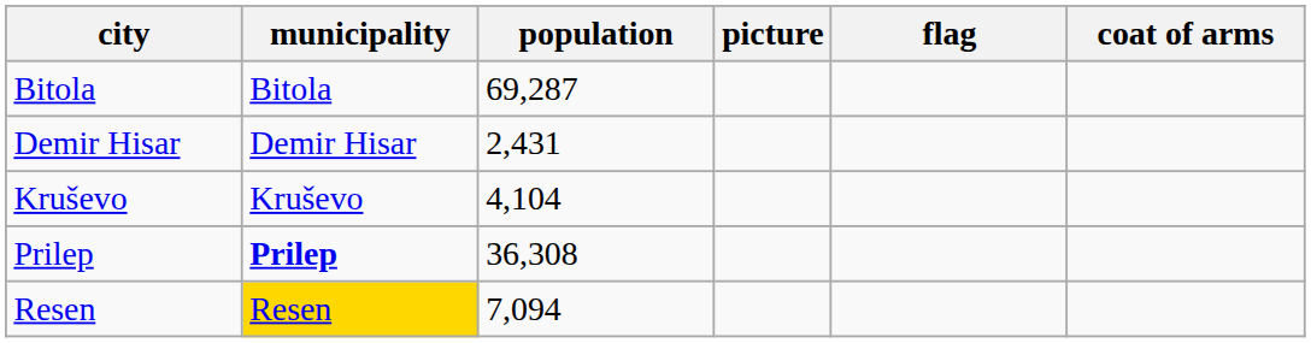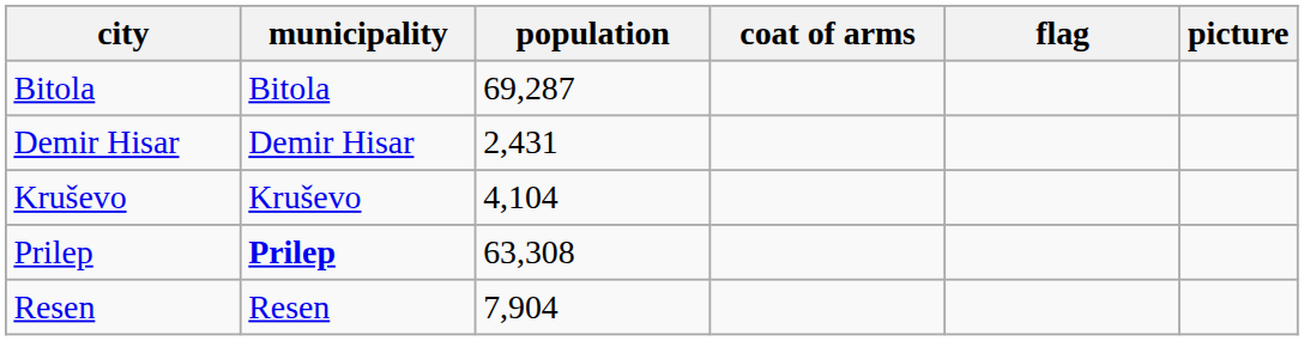 <table class="wikitable sortable" style="font-size:95%;">
 <tr>
 <th width="100px">city</th>
 <th width="100px">municipality</th>
 <th width="100px">population</th>
+<th width="100px">coat of arms</th>
+<th width="100px">flag</th>
 <th width="1o0px">picture</th>
-<th width="100px">flag</th>
-<th width="100px">coat of arms</th>
 </tr>
 <tr>
 <td><a href='#'>Bitola</a></td>
 <td><a href='#'>Bitola</a></td>
 <td>69,287</td>
 <td></td>
 <td></td>
 <td></td>
 </tr>
 <tr>
 <td><a href='#'>Demir Hisar</a></td>
 <td><a href='#'>Demir Hisar</a></td>
 <td>2,431</td>
 <td></td>
 <td></td>
 <td></td>
 </tr>
 <tr>
 <td><a href='#'>Kruševo</a></td>
 <td><a href='#'>Kruševo</a></td>
 <td>4,104</td>
 <td></td>
 <td></td>
 <td></td>
 </tr>
 <tr>
 <td><a href='#'>Prilep</a></td>
 <td><strong><a href='#'>Prilep</a></strong></td>
-<td>36,308</td>
+<td>63,308</td>
 <td></td>
 <td></td>
 <td></td>
 </tr>
 <tr>
 <td><a href='#'>Resen</a></td>
-<td style="background: gold;"><a href='#'>Resen</a></td>
-<td>7,094</td>
+<td><a href='#'>Resen</a></td>
+<td>7,904</td>
 <td></td>
 <td></td>
 <td></td>
 </tr>
 </table>
